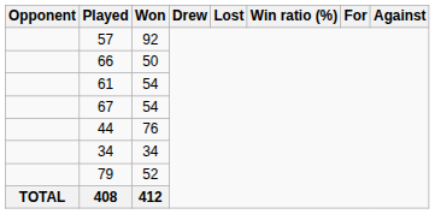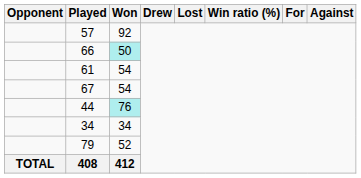 <table class="wikitable sortable">
 <tr>
 <th>Opponent</th>
 <th>Played</th>
 <th>Won</th>
 <th>Drew</th>
 <th>Lost</th>
 <th>Win ratio (%)</th>
 <th>For</th>
 <th>Against</th>
 </tr>
 <tr align=center>
 <td align=left><br></td>
 <td>57</td>
 <td>92</td>
 </tr>
 <tr align=center>
 <td align=left><br></td>
 <td>66</td>
-<td>50</td>
+<td style="background: paleturquoise;">50</td>
 </tr>
 <tr align=center>
 <td align=left><br></td>
 <td>61</td>
 <td>54</td>
 </tr>
 <tr align=center>
 <td align=left><br></td>
 <td>67</td>
 <td>54</td>
 </tr>
 <tr align=center>
 <td align=left><br></td>
 <td>44</td>
-<td>76</td>
+<td style="background: paleturquoise;">76</td>
 </tr>
 <tr align=center>
 <td align=left><br></td>
 <td>34</td>
 <td>34</td>
 </tr>
 <tr align=center>
 <td align=left><br></td>
 <td>79</td>
 <td>52</td>
 </tr>
 <tr>
 <th>TOTAL<br></th>
 <th>408</th>
 <th>412</th>
 </tr>
 </table>
